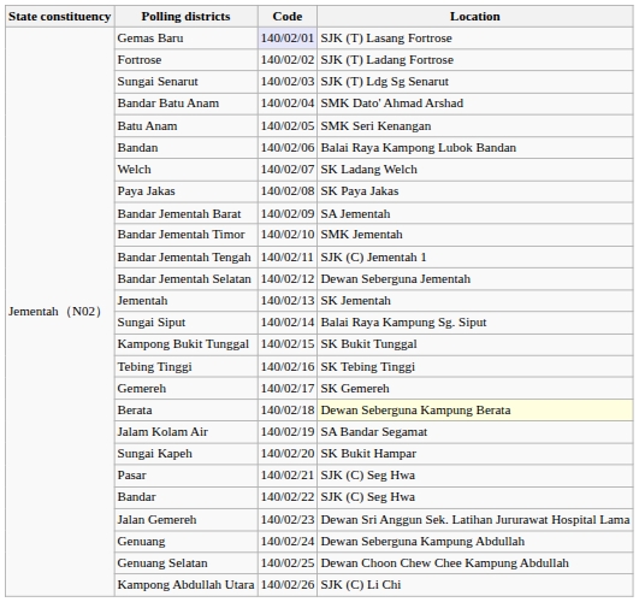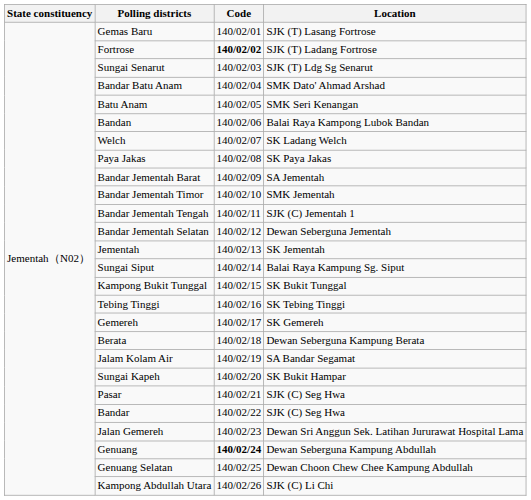 <table class="wikitable sortable mw-collapsible" style="white-space:nowrap;font-size:85%">
 <tr>
 <th>State constituency</th>
 <th>Polling districts</th>
 <th>Code</th>
 <th>Location</th>
 </tr>
 <tr>
 <td rowspan="26">Jementah（N02）</td>
 <td>Gemas Baru</td>
-<td style="background: lavender;">140/02/01</td>
+<td>140/02/01</td>
 <td>SJK (T) Lasang Fortrose</td>
 </tr>
 <tr>
 <td>Fortrose</td>
-<td>140/02/02</td>
+<td><strong>140/02/02</strong></td>
 <td>SJK (T) Ladang Fortrose</td>
 </tr>
 <tr>
 <td>Sungai Senarut</td>
 <td>140/02/03</td>
 <td>SJK (T) Ldg Sg Senarut</td>
 </tr>
 <tr>
 <td>Bandar Batu Anam</td>
 <td>140/02/04</td>
 <td>SMK Dato' Ahmad Arshad</td>
 </tr>
 <tr>
 <td>Batu Anam</td>
 <td>140/02/05</td>
 <td>SMK Seri Kenangan</td>
 </tr>
 <tr>
 <td>Bandan</td>
 <td>140/02/06</td>
 <td>Balai Raya Kampong Lubok Bandan</td>
 </tr>
 <tr>
 <td>Welch</td>
 <td>140/02/07</td>
 <td>SK Ladang Welch</td>
 </tr>
 <tr>
 <td>Paya Jakas</td>
 <td>140/02/08</td>
 <td>SK Paya Jakas</td>
 </tr>
 <tr>
 <td>Bandar Jementah Barat</td>
 <td>140/02/09</td>
 <td>SA Jementah</td>
 </tr>
 <tr>
 <td>Bandar Jementah Timor</td>
 <td>140/02/10</td>
 <td>SMK Jementah</td>
 </tr>
 <tr>
 <td>Bandar Jementah Tengah</td>
 <td>140/02/11</td>
 <td>SJK (C) Jementah 1</td>
 </tr>
 <tr>
 <td>Bandar Jementah Selatan</td>
 <td>140/02/12</td>
 <td>Dewan Seberguna Jementah</td>
 </tr>
 <tr>
 <td>Jementah</td>
 <td>140/02/13</td>
 <td>SK Jementah</td>
 </tr>
 <tr>
 <td>Sungai Siput</td>
 <td>140/02/14</td>
 <td>Balai Raya Kampung Sg. Siput</td>
 </tr>
 <tr>
 <td>Kampong Bukit Tunggal</td>
 <td>140/02/15</td>
 <td>SK Bukit Tunggal</td>
 </tr>
 <tr>
 <td>Tebing Tinggi</td>
 <td>140/02/16</td>
 <td>SK Tebing Tinggi</td>
 </tr>
 <tr>
 <td>Gemereh</td>
 <td>140/02/17</td>
 <td>SK Gemereh</td>
 </tr>
 <tr>
 <td>Berata</td>
 <td>140/02/18</td>
-<td style="background: lightyellow;">Dewan Seberguna Kampung Berata</td>
+<td>Dewan Seberguna Kampung Berata</td>
 </tr>
 <tr>
 <td>Jalam Kolam Air</td>
 <td>140/02/19</td>
 <td>SA Bandar Segamat</td>
 </tr>
 <tr>
 <td>Sungai Kapeh</td>
 <td>140/02/20</td>
 <td>SK Bukit Hampar</td>
 </tr>
 <tr>
 <td>Pasar</td>
 <td>140/02/21</td>
 <td>SJK (C) Seg Hwa</td>
 </tr>
 <tr>
 <td>Bandar</td>
 <td>140/02/22</td>
 <td>SJK (C) Seg Hwa</td>
 </tr>
 <tr>
 <td>Jalan Gemereh</td>
 <td>140/02/23</td>
 <td>Dewan Sri Anggun Sek. Latihan Jururawat Hospital Lama</td>
 </tr>
 <tr>
 <td>Genuang</td>
-<td>140/02/24</td>
+<td><strong>140/02/24</strong></td>
 <td>Dewan Seberguna Kampung Abdullah</td>
 </tr>
 <tr>
 <td>Genuang Selatan</td>
 <td>140/02/25</td>
 <td>Dewan Choon Chew Chee Kampung Abdullah</td>
 </tr>
 <tr>
 <td>Kampong Abdullah Utara</td>
 <td>140/02/26</td>
 <td>SJK (C) Li Chi</td>
 </tr>
 </table>
